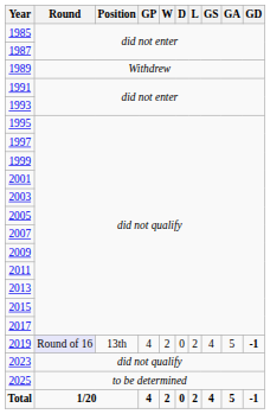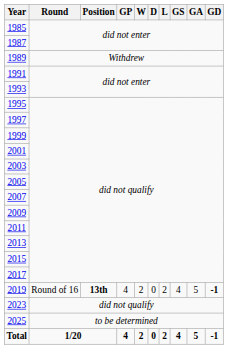 <table class="wikitable" style="text-align: center;font-size:90%;">
 <tr>
 <th>Year</th>
 <th>Round</th>
 <th>Position</th>
 <th>GP</th>
 <th>W</th>
 <th>D</th>
 <th>L</th>
 <th>GS</th>
 <th>GA</th>
 <th>GD</th>
 </tr>
 <tr>
 <td> <a href='#'>1985</a></td>
 <td rowspan=2 colspan=9><em>did not enter</em></td>
 </tr>
 <tr>
 <td> <a href='#'>1987</a></td>
 </tr>
 <tr>
 <td> <a href='#'>1989</a></td>
 <td colspan=9><em>Withdrew</em></td>
 </tr>
 <tr>
 <td> <a href='#'>1991</a></td>
 <td rowspan=2 colspan=9><em>did not enter</em></td>
 </tr>
 <tr>
 <td> <a href='#'>1993</a></td>
 </tr>
 <tr>
 <td> <a href='#'>1995</a></td>
 <td rowspan=12 colspan=9><em>did not qualify</em></td>
 </tr>
 <tr>
 <td> <a href='#'>1997</a></td>
 </tr>
 <tr>
 <td> <a href='#'>1999</a></td>
 </tr>
 <tr>
 <td> <a href='#'>2001</a></td>
 </tr>
 <tr>
 <td> <a href='#'>2003</a></td>
 </tr>
 <tr>
 <td> <a href='#'>2005</a></td>
 </tr>
 <tr>
 <td> <a href='#'>2007</a></td>
 </tr>
 <tr>
 <td> <a href='#'>2009</a></td>
 </tr>
 <tr>
 <td> <a href='#'>2011</a></td>
 </tr>
 <tr>
 <td> <a href='#'>2013</a></td>
 </tr>
 <tr>
 <td> <a href='#'>2015</a></td>
 </tr>
 <tr>
 <td> <a href='#'>2017</a></td>
 </tr>
 <tr>
 <td> <a href='#'>2019</a></td>
-<td style="background: lavender;">Round of 16</td>
-<td>13th</td>
+<td>Round of 16</td>
+<td><strong>13th</strong></td>
 <td>4</td>
 <td>2</td>
 <td>0</td>
 <td>2</td>
 <td>4</td>
 <td>5</td>
 <td><strong>-1</strong></td>
 </tr>
 <tr>
 <td> <a href='#'>2023</a></td>
 <td rowspan=1 colspan=9><em>did not qualify</em></td>
 </tr>
 <tr>
 <td> <a href='#'>2025</a></td>
 <td rowspan=1 colspan=9><em>to be determined</em></td>
 </tr>
 <tr>
 <td><strong>Total</strong></td>
 <td colspan=2><strong>1/20</strong></td>
 <td><strong>4</strong></td>
 <td><strong>2</strong></td>
 <td><strong>0</strong></td>
 <td><strong>2</strong></td>
 <td><strong>4</strong></td>
 <td><strong>5</strong></td>
 <td><strong>-1</strong></td>
 </tr>
 </table>
